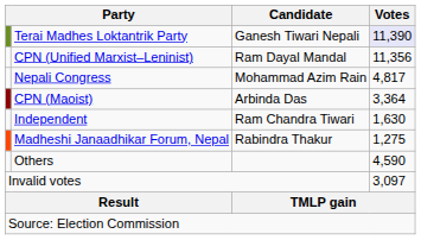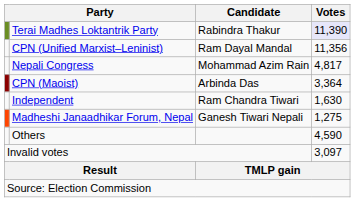 <table class="wikitable">
 <tr>
 <th colspan="2">Party</th>
 <th>Candidate</th>
 <th>Votes</th>
 </tr>
 <tr>
 <td style="background-color:olivedrab"></td>
 <td><a href='#'>Terai Madhes Loktantrik Party</a></td>
-<td>Ganesh Tiwari Nepali</td>
+<td>Rabindra Thakur</td>
 <td style="background: lavender;">11,390</td>
 </tr>
 <tr>
 <td style="background-color:"></td>
 <td><a href='#'>CPN (Unified Marxist–Leninist)</a></td>
 <td>Ram Dayal Mandal</td>
 <td>11,356</td>
 </tr>
 <tr>
 <td style="background-color:"></td>
 <td><a href='#'>Nepali Congress</a></td>
 <td>Mohammad Azim Rain</td>
 <td>4,817</td>
 </tr>
 <tr>
 <td style="background-color:darkred"></td>
 <td><a href='#'>CPN (Maoist)</a></td>
 <td>Arbinda Das</td>
 <td>3,364</td>
 </tr>
 <tr>
 <td style="background-color:"></td>
 <td><a href='#'>Independent</a></td>
 <td>Ram Chandra Tiwari</td>
 <td>1,630</td>
 </tr>
 <tr>
 <td style="background-color:orangered"></td>
 <td><a href='#'>Madheshi Janaadhikar Forum, Nepal</a></td>
-<td>Rabindra Thakur</td>
+<td>Ganesh Tiwari Nepali</td>
 <td>1,275</td>
 </tr>
 <tr>
 <td></td>
 <td>Others</td>
 <td></td>
 <td>4,590</td>
 </tr>
 <tr>
 <td colspan="3">Invalid votes</td>
 <td>3,097</td>
 </tr>
 <tr>
 <th colspan="2">Result</th>
 <th colspan="2">TMLP gain</th>
 </tr>
 <tr>
 <td colspan="4">Source: Election Commission</td>
 </tr>
 </table>
